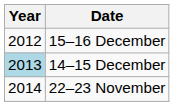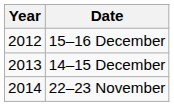 <table class="wikitable">
 <tr>
 <th>Year</th>
 <th>Date</th>
 </tr>
 <tr>
 <td>2012</td>
 <td>15–16 December</td>
 </tr>
 <tr>
-<td style="background: lightblue;">2013</td>
+<td>2013</td>
 <td>14–15 December</td>
 </tr>
 <tr>
 <td>2014</td>
 <td>22–23 November</td>
 </tr>
 </table>
